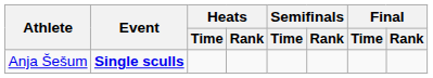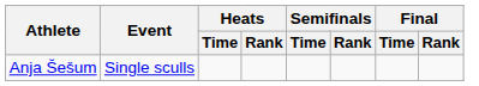 <table class=wikitable style="font-size:90%;">
 <tr>
 <th rowspan=2>Athlete</th>
 <th rowspan=2>Event</th>
 <th colspan=2>Heats</th>
 <th colspan=2>Semifinals</th>
 <th colspan=2>Final</th>
 </tr>
 <tr style="font-size:95%">
 <th>Time</th>
 <th>Rank</th>
 <th>Time</th>
 <th>Rank</th>
 <th>Time</th>
 <th>Rank</th>
 </tr>
 <tr align=center>
 <td align=left><a href='#'>Anja Šešum</a></td>
-<td align=left><strong><a href='#'>Single sculls</a></strong></td>
+<td align=left><a href='#'>Single sculls</a></td>
 <td></td>
 <td></td>
 <td></td>
 <td></td>
 <td></td>
 <td></td>
 </tr>
 </table>
